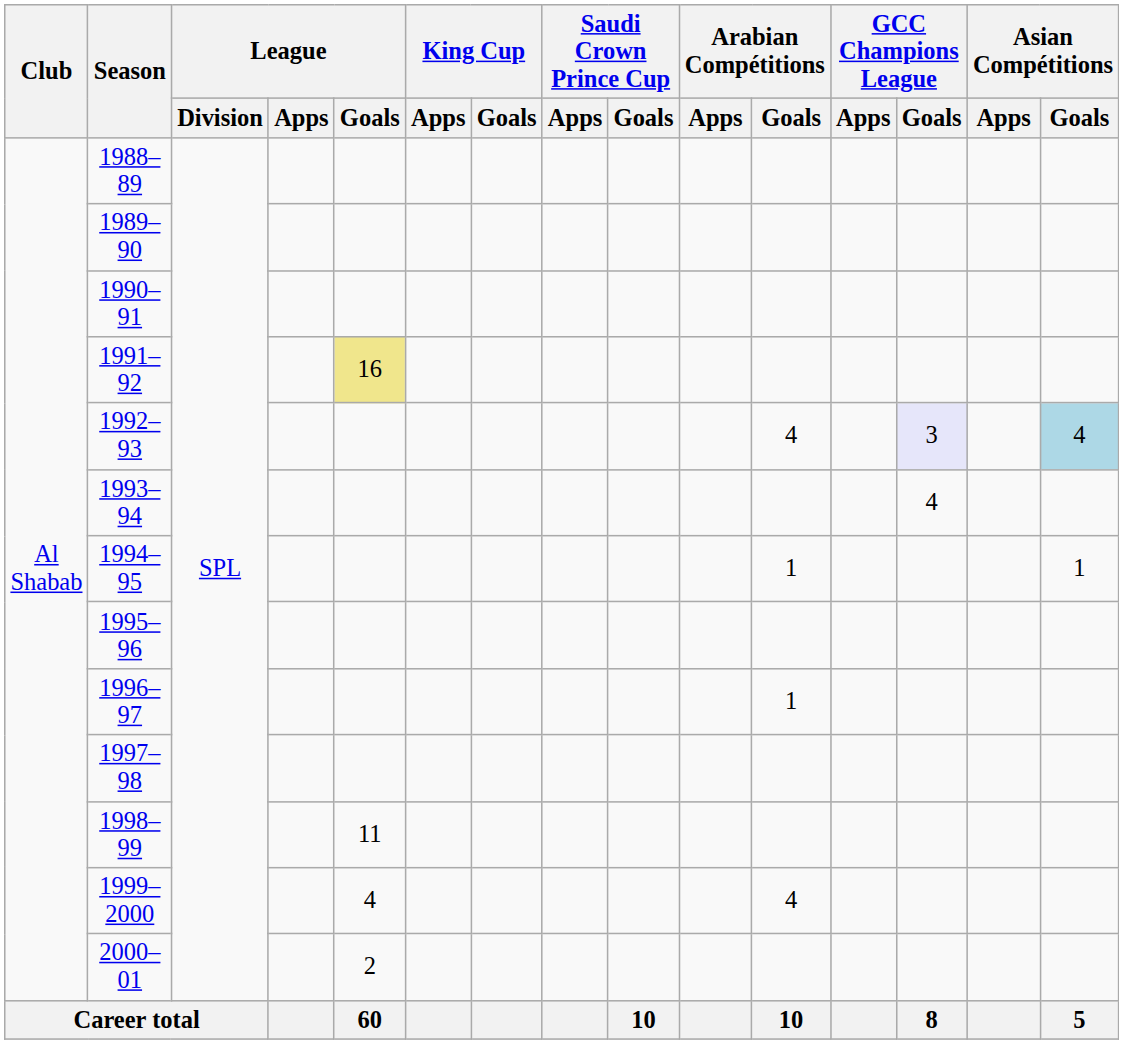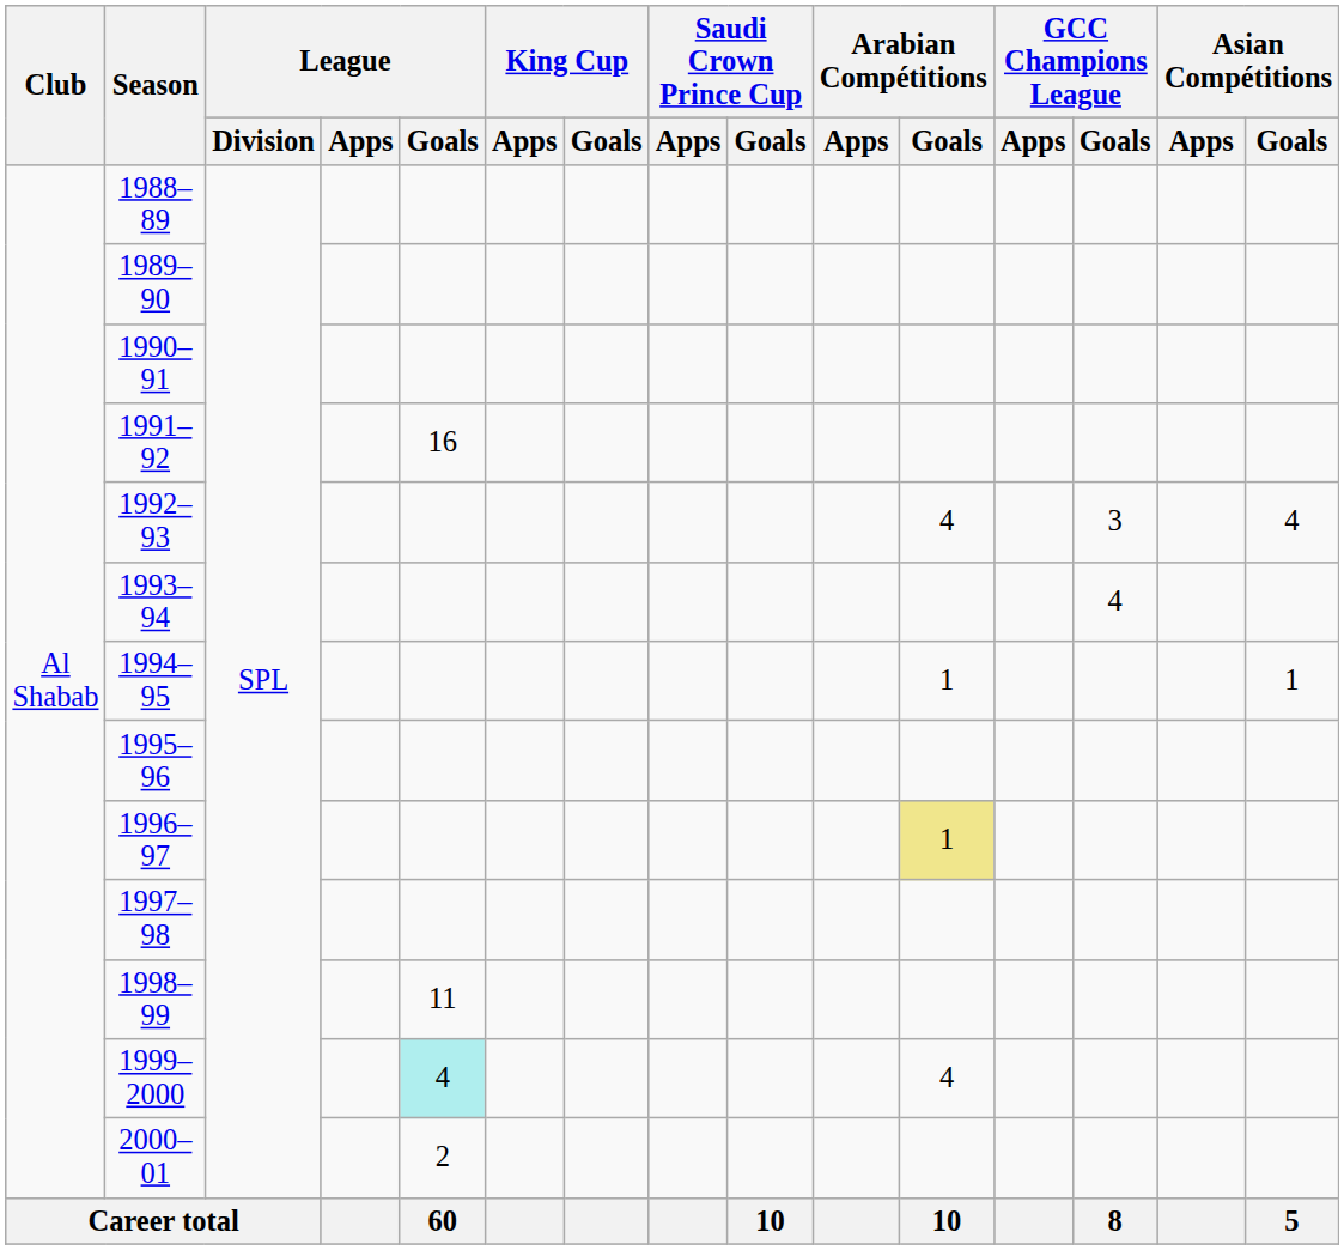 <table class="wikitable" style="text-align:center">
 <tr>
 <th rowspan="2">Club</th>
 <th rowspan="2">Season</th>
 <th colspan="3">League</th>
 <th colspan="2"><a href='#'>King Cup</a></th>
 <th colspan="2"><a href='#'>Saudi Crown Prince Cup</a></th>
 <th colspan="2">Arabian Compétitions</th>
 <th colspan="2"><a href='#'>GCC Champions League</a></th>
 <th colspan="2">Asian Compétitions</th>
 </tr>
 <tr>
 <th>Division</th>
 <th>Apps</th>
 <th>Goals</th>
 <th>Apps</th>
 <th>Goals</th>
 <th>Apps</th>
 <th>Goals</th>
 <th>Apps</th>
 <th>Goals</th>
 <th>Apps</th>
 <th>Goals</th>
 <th>Apps</th>
 <th>Goals</th>
 </tr>
 <tr align=center>
 <td rowspan="13" align=center valign=center><a href='#'>Al Shabab</a></td>
 <td><a href='#'>1988–89</a></td>
 <td rowspan="13"><a href='#'>SPL</a></td>
 <td></td>
 <td></td>
 <td></td>
 <td></td>
 <td></td>
 <td></td>
 <td></td>
 <td></td>
 <td></td>
 <td></td>
 <td></td>
 <td></td>
 </tr>
 <tr>
 <td><a href='#'>1989–90</a></td>
 <td></td>
 <td></td>
 <td></td>
 <td></td>
 <td></td>
 <td></td>
 <td></td>
 <td></td>
 <td></td>
 <td></td>
 <td></td>
 <td></td>
 </tr>
 <tr>
 <td><a href='#'>1990–91</a></td>
 <td></td>
 <td></td>
 <td></td>
 <td></td>
 <td></td>
 <td></td>
 <td></td>
 <td></td>
 <td></td>
 <td></td>
 <td></td>
 <td></td>
 </tr>
 <tr>
 <td><a href='#'>1991–92</a></td>
 <td></td>
-<td style="background: khaki;">16</td>
+<td>16</td>
 <td></td>
 <td></td>
 <td></td>
 <td></td>
 <td></td>
 <td></td>
 <td></td>
 <td></td>
 <td></td>
 <td></td>
 </tr>
 <tr>
 <td><a href='#'>1992–93</a></td>
 <td></td>
 <td></td>
 <td></td>
 <td></td>
 <td></td>
 <td></td>
 <td></td>
 <td>4 </td>
 <td></td>
-<td style="background: lavender;">3</td>
+<td>3</td>
 <td></td>
-<td style="background: lightblue;">4 </td>
+<td>4 </td>
 </tr>
 <tr>
 <td><a href='#'>1993–94</a></td>
 <td></td>
 <td></td>
 <td></td>
 <td></td>
 <td></td>
 <td></td>
 <td></td>
 <td></td>
 <td></td>
 <td>4</td>
 <td></td>
 <td></td>
 </tr>
 <tr>
 <td><a href='#'>1994–95</a></td>
 <td></td>
 <td></td>
 <td></td>
 <td></td>
 <td></td>
 <td></td>
 <td></td>
 <td>1 </td>
 <td></td>
 <td></td>
 <td></td>
 <td>1 </td>
 </tr>
 <tr>
 <td><a href='#'>1995–96</a></td>
 <td></td>
 <td></td>
 <td></td>
 <td></td>
 <td></td>
 <td></td>
 <td></td>
 <td></td>
 <td></td>
 <td></td>
 <td></td>
 <td></td>
 </tr>
 <tr>
 <td><a href='#'>1996–97</a></td>
 <td></td>
 <td></td>
 <td></td>
 <td></td>
 <td></td>
 <td></td>
 <td></td>
-<td>1 </td>
+<td style="background: khaki;">1 </td>
 <td></td>
 <td></td>
 <td></td>
 <td></td>
 </tr>
 <tr>
 <td><a href='#'>1997–98</a></td>
 <td></td>
 <td></td>
 <td></td>
 <td></td>
 <td></td>
 <td></td>
 <td></td>
 <td></td>
 <td></td>
 <td></td>
 <td></td>
 <td></td>
 </tr>
 <tr>
 <td><a href='#'>1998–99</a></td>
 <td></td>
 <td>11</td>
 <td></td>
 <td></td>
 <td></td>
 <td></td>
 <td></td>
 <td></td>
 <td></td>
 <td></td>
 <td></td>
 <td></td>
 </tr>
 <tr>
 <td><a href='#'>1999–2000</a></td>
 <td></td>
-<td>4</td>
+<td style="background: paleturquoise;">4</td>
 <td></td>
 <td></td>
 <td></td>
 <td></td>
 <td></td>
 <td>4</td>
 <td></td>
 <td></td>
 <td></td>
 <td></td>
 </tr>
 <tr>
 <td><a href='#'>2000–01</a></td>
 <td></td>
 <td>2</td>
 <td></td>
 <td></td>
 <td></td>
 <td></td>
 <td></td>
 <td></td>
 <td></td>
 <td></td>
 <td></td>
 <td></td>
 </tr>
 <tr align=center>
 <th colspan="3">Career total</th>
 <th></th>
 <th>60</th>
 <th></th>
 <th></th>
 <th></th>
 <th>10</th>
 <th></th>
 <th>10</th>
 <th></th>
 <th>8</th>
 <th></th>
 <th>5</th>
 </tr>
 </table>
